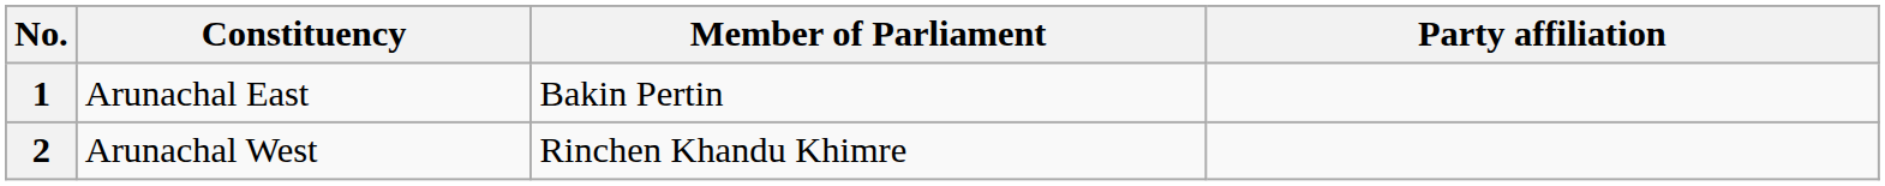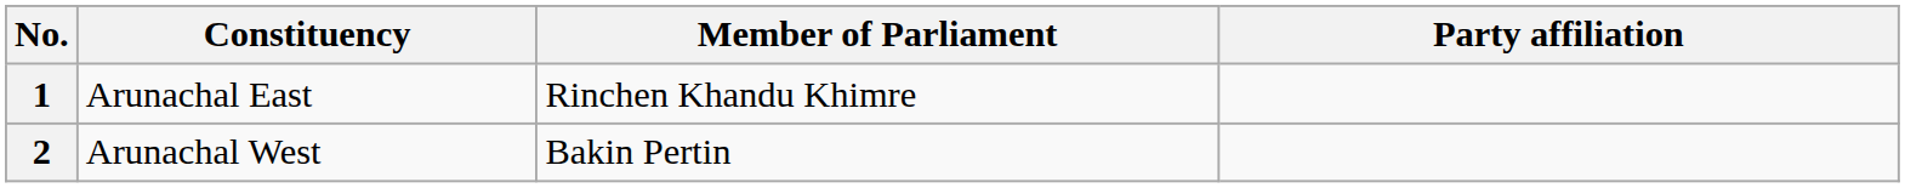 <table class="wikitable sortable">
 <tr style="text-align:center;">
 <th>No.</th>
 <th style="width:12em">Constituency</th>
 <th style="width:18em">Member of Parliament</th>
 <th colspan="2" style="width:18em">Party affiliation</th>
 </tr>
 <tr>
 <th>1</th>
 <td>Arunachal East</td>
-<td>Bakin Pertin</td>
+<td>Rinchen Khandu Khimre</td>
 <td></td>
 </tr>
 <tr>
 <th>2</th>
 <td>Arunachal West</td>
-<td>Rinchen Khandu Khimre</td>
+<td>Bakin Pertin</td>
 <td></td>
 </tr>
 </table>
